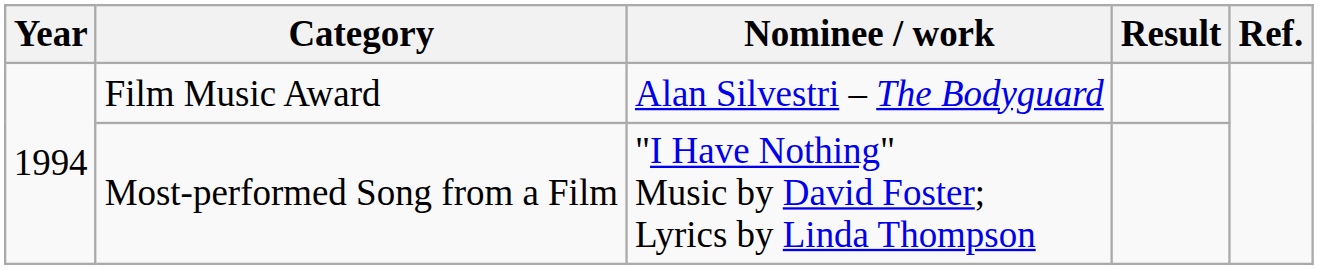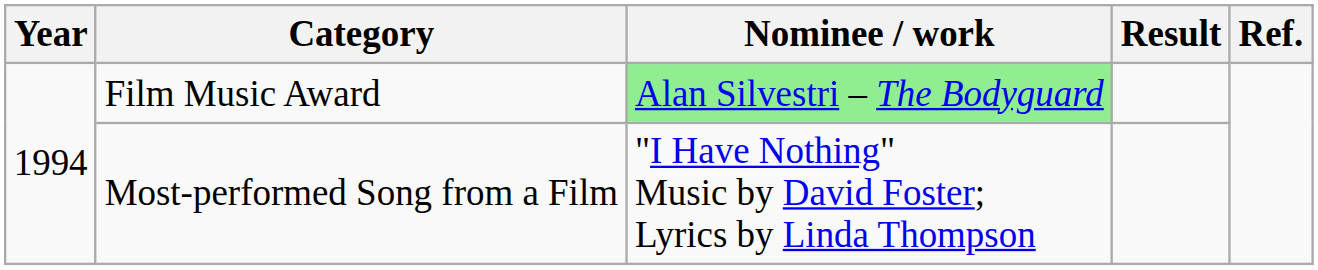 <table class="wikitable">
 <tr>
 <th>Year</th>
 <th>Category</th>
 <th>Nominee / work</th>
 <th>Result</th>
 <th>Ref.</th>
 </tr>
 <tr>
 <td rowspan="2">1994</td>
 <td>Film Music Award</td>
-<td><a href='#'>Alan Silvestri</a> – <em><a href='#'>The Bodyguard</a></em></td>
+<td style="background: lightgreen;"><a href='#'>Alan Silvestri</a> – <em><a href='#'>The Bodyguard</a></em></td>
 <td></td>
 <td rowspan="2" align="center"></td>
 </tr>
 <tr>
 <td>Most-performed Song from a Film</td>
 <td>"<a href='#'>I Have Nothing</a>" <br> Music by <a href='#'>David Foster</a>; <br> Lyrics by <a href='#'>Linda Thompson</a></td>
 <td></td>
 </tr>
 </table>
